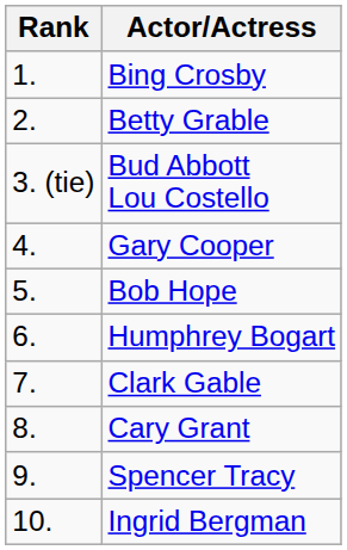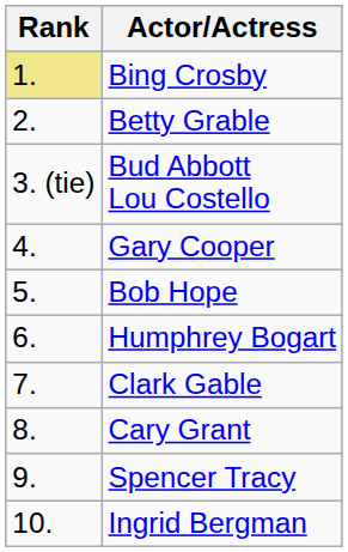 <table class="wikitable">
 <tr>
 <th>Rank</th>
 <th>Actor/Actress</th>
 </tr>
 <tr>
-<td>1.</td>
+<td style="background: khaki;">1.</td>
 <td><a href='#'>Bing Crosby</a></td>
 </tr>
 <tr>
 <td>2.</td>
 <td><a href='#'>Betty Grable</a></td>
 </tr>
 <tr>
 <td>3. (tie)</td>
 <td><a href='#'>Bud Abbott</a><br><a href='#'>Lou Costello</a></td>
 </tr>
 <tr>
 <td>4.</td>
 <td><a href='#'>Gary Cooper</a></td>
 </tr>
 <tr>
 <td>5.</td>
 <td><a href='#'>Bob Hope</a></td>
 </tr>
 <tr>
 <td>6.</td>
 <td><a href='#'>Humphrey Bogart</a></td>
 </tr>
 <tr>
 <td>7.</td>
 <td><a href='#'>Clark Gable</a></td>
 </tr>
 <tr>
 <td>8.</td>
 <td><a href='#'>Cary Grant</a></td>
 </tr>
 <tr>
 <td>9.</td>
 <td><a href='#'>Spencer Tracy</a></td>
 </tr>
 <tr>
 <td>10.</td>
 <td><a href='#'>Ingrid Bergman</a></td>
 </tr>
 </table>
